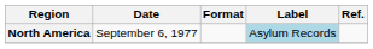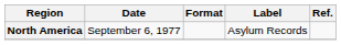 <table class="wikitable plainrowheaders">
 <tr>
 <th scope="col">Region</th>
 <th scope="col">Date</th>
 <th scope="col">Format</th>
 <th scope="col">Label</th>
 <th scope="col">Ref.</th>
 </tr>
 <tr>
 <th scope="row">North America</th>
 <td>September 6, 1977</td>
 <td></td>
-<td style="background: lightblue;">Asylum Records</td>
+<td>Asylum Records</td>
 <td></td>
 </tr>
 <tr>
 </tr>
 </table>
